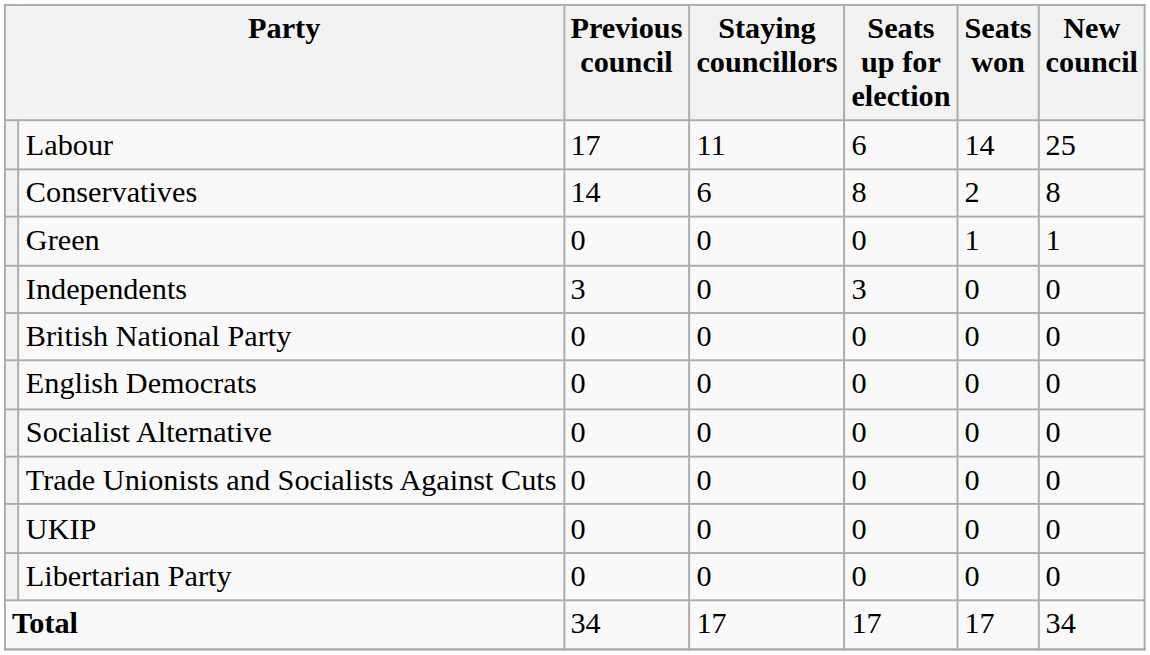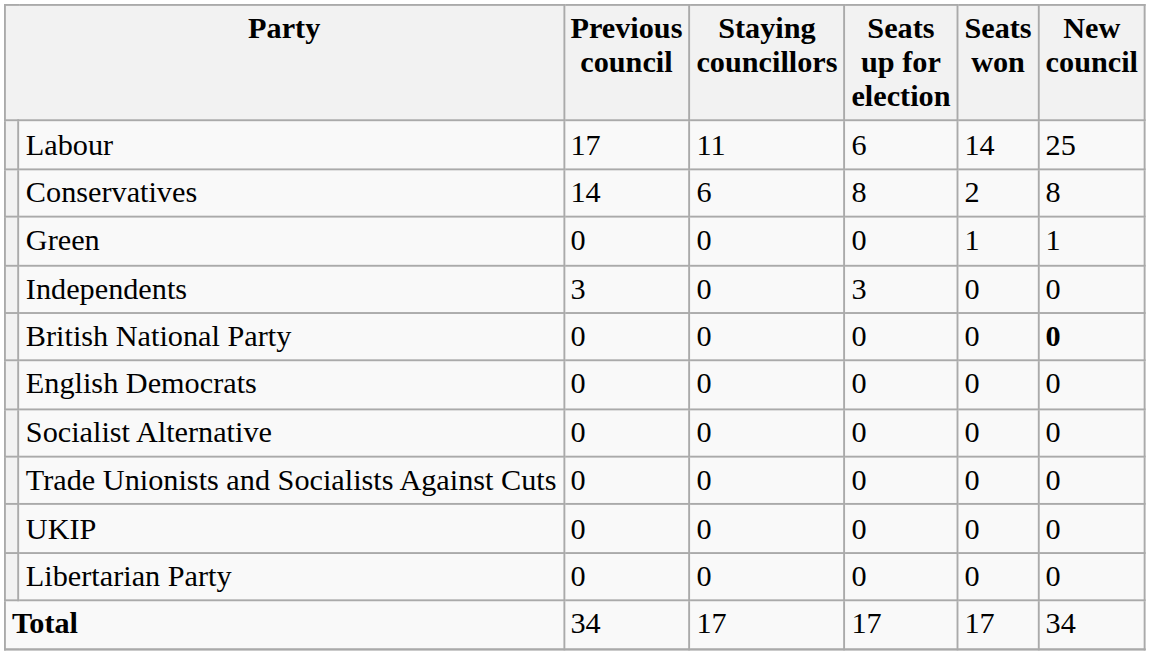 <table class="wikitable">
 <tr>
 <th valign=top colspan="2" style="width: 230px">Party</th>
 <th valign=top style="width: 30px">Previous council</th>
 <th valign=top style="width: 30px">Staying councillors</th>
 <th valign=top style="width: 30px">Seats up for election</th>
 <th valign=top style="width: 30px">Seats won</th>
 <th valign=top style="width: 30px">New council</th>
 </tr>
 <tr>
 <th style="background-color: "></th>
 <td>Labour</td>
 <td>17</td>
 <td>11</td>
 <td>6</td>
 <td>14</td>
 <td>25</td>
 </tr>
 <tr>
 <th style="background-color: "></th>
 <td>Conservatives</td>
 <td>14</td>
 <td>6</td>
 <td>8</td>
 <td>2</td>
 <td>8</td>
 </tr>
 <tr>
 <th style="background-color: "></th>
 <td>Green</td>
 <td>0</td>
 <td>0</td>
 <td>0</td>
 <td>1</td>
 <td>1</td>
 </tr>
 <tr>
 <th style="background-color: "></th>
 <td>Independents</td>
 <td>3</td>
 <td>0</td>
 <td>3</td>
 <td>0</td>
 <td>0</td>
 </tr>
 <tr>
 <th style="background-color: "></th>
 <td>British National Party</td>
 <td>0</td>
 <td>0</td>
 <td>0</td>
 <td>0</td>
-<td>0</td>
+<td><strong>0</strong></td>
 </tr>
 <tr>
 <th style="background-color: "></th>
 <td>English Democrats</td>
 <td>0</td>
 <td>0</td>
 <td>0</td>
 <td>0</td>
 <td>0</td>
 </tr>
 <tr>
 <th style="background-color: "></th>
 <td>Socialist Alternative</td>
 <td>0</td>
 <td>0</td>
 <td>0</td>
 <td>0</td>
 <td>0</td>
 </tr>
 <tr>
 <th style="background-color: "></th>
 <td>Trade Unionists and Socialists Against Cuts</td>
 <td>0</td>
 <td>0</td>
 <td>0</td>
 <td>0</td>
 <td>0</td>
 </tr>
 <tr>
 <th style="background-color: "></th>
 <td>UKIP</td>
 <td>0</td>
 <td>0</td>
 <td>0</td>
 <td>0</td>
 <td>0</td>
 </tr>
 <tr>
 <th style="background-color: "></th>
 <td>Libertarian Party</td>
 <td>0</td>
 <td>0</td>
 <td>0</td>
 <td>0</td>
 <td>0</td>
 </tr>
 <tr>
 <td colspan="2"><strong>Total</strong></td>
 <td>34</td>
 <td>17</td>
 <td>17</td>
 <td>17</td>
 <td>34</td>
 </tr>
 <tr>
 </tr>
 </table>
